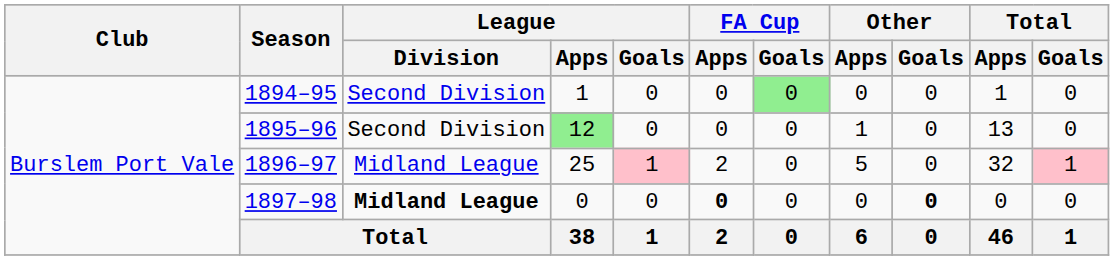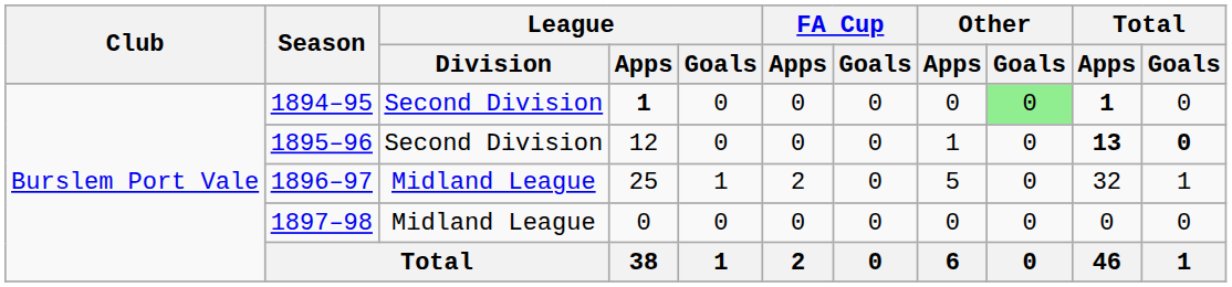 <table class="wikitable" style="text-align:center">
 <tr>
 <th rowspan="2">Club</th>
 <th rowspan="2">Season</th>
 <th colspan="3">League</th>
 <th colspan="2"><a href='#'>FA Cup</a></th>
 <th colspan="2">Other</th>
 <th colspan="2">Total</th>
 </tr>
 <tr>
 <th>Division</th>
 <th>Apps</th>
 <th>Goals</th>
 <th>Apps</th>
 <th>Goals</th>
 <th>Apps</th>
 <th>Goals</th>
 <th>Apps</th>
 <th>Goals</th>
 </tr>
 <tr>
 <td rowspan="5"><a href='#'>Burslem Port Vale</a></td>
 <td><a href='#'>1894–95</a></td>
 <td><a href='#'>Second Division</a></td>
-<td>1</td>
+<td><strong>1</strong></td>
+<td>0</td>
+<td>0</td>
 <td>0</td>
 <td>0</td>
 <td style="background: lightgreen;">0</td>
-<td>0</td>
-<td>0</td>
-<td>1</td>
+<td><strong>1</strong></td>
 <td>0</td>
 </tr>
 <tr>
 <td><a href='#'>1895–96</a></td>
 <td>Second Division</td>
-<td style="background: lightgreen;">12</td>
+<td>12</td>
 <td>0</td>
 <td>0</td>
 <td>0</td>
 <td>1</td>
 <td>0</td>
-<td>13</td>
-<td>0</td>
+<td><strong>13</strong></td>
+<td><strong>0</strong></td>
 </tr>
 <tr>
 <td><a href='#'>1896–97</a></td>
 <td><a href='#'>Midland League</a></td>
 <td>25</td>
-<td style="background: pink;">1</td>
+<td>1</td>
 <td>2</td>
 <td>0</td>
 <td>5</td>
 <td>0</td>
 <td>32</td>
-<td style="background: pink;">1</td>
+<td>1</td>
 </tr>
 <tr>
 <td><a href='#'>1897–98</a></td>
-<td><strong>Midland League</strong></td>
+<td>Midland League</td>
 <td>0</td>
 <td>0</td>
-<td><strong>0</strong></td>
 <td>0</td>
 <td>0</td>
-<td><strong>0</strong></td>
+<td>0</td>
+<td>0</td>
 <td>0</td>
 <td>0</td>
 </tr>
 <tr>
 <th colspan="2">Total</th>
 <th>38</th>
 <th>1</th>
 <th>2</th>
 <th>0</th>
 <th>6</th>
 <th>0</th>
 <th>46</th>
 <th>1</th>
 </tr>
 </table>
